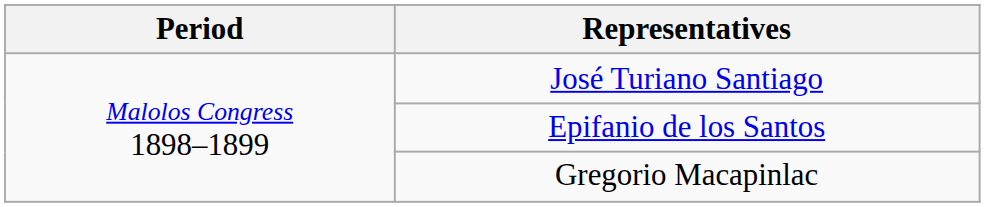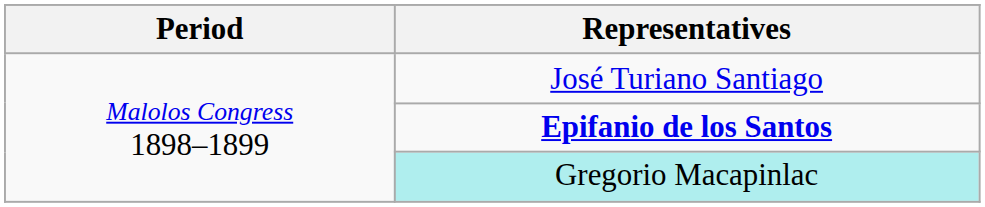 <table class="wikitable" style="text-align:center; width:40%;">
 <tr>
 <th width="40%">Period</th>
 <th>Representatives</th>
 </tr>
 <tr>
 <td rowspan="3"><small><em><a href='#'>Malolos Congress</a></em></small><br>1898–1899</td>
 <td><a href='#'>José Turiano Santiago</a></td>
 </tr>
 <tr>
-<td><a href='#'>Epifanio de los Santos</a></td>
+<td><strong><a href='#'>Epifanio de los Santos</a></strong></td>
 </tr>
 <tr>
-<td>Gregorio Macapinlac</td>
+<td style="background: paleturquoise;">Gregorio Macapinlac</td>
 </tr>
 </table>
